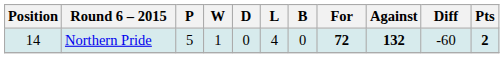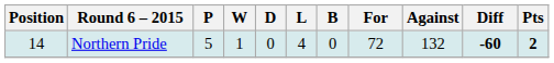 <table class="wikitable" style="text-align:center; font-size:85%;">
 <tr>
 <th width=40 abbr="Position">Position</th>
 <th width=100>Round 6 – 2015</th>
 <th width=20 abbr="Played">P</th>
 <th width=20 abbr="Won">W</th>
 <th width=20 abbr="Drawn">D</th>
 <th width=20 abbr="Lost">L</th>
 <th width=20 abbr="Bye">B</th>
 <th width=40 abbr="Points for">For</th>
 <th width=40 abbr="Points against">Against</th>
 <th width=40 abbr="Points difference">Diff</th>
 <th width=20 abbr="Points">Pts</th>
 </tr>
 <tr style="background: #d7ebed;">
 <td>14</td>
 <td style="text-align:left;"> <a href='#'>Northern Pride</a></td>
 <td>5</td>
 <td>1</td>
 <td>0</td>
 <td>4</td>
 <td>0</td>
-<td><strong>72</strong></td>
-<td><strong>132</strong></td>
-<td>-60</td>
+<td>72</td>
+<td>132</td>
+<td><strong>-60</strong></td>
 <td><strong>2</strong></td>
 </tr>
 <tr>
 </tr>
 </table>
